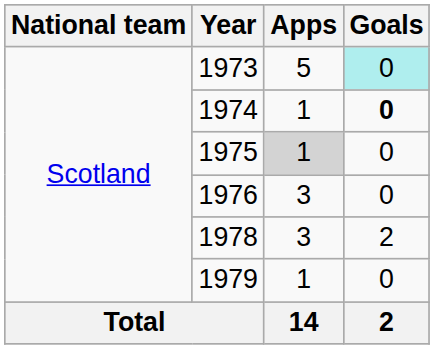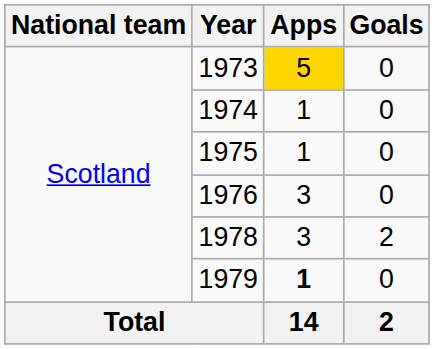 <table class=wikitable style="text-align:center">
 <tr>
 <th>National team</th>
 <th>Year</th>
 <th>Apps</th>
 <th>Goals</th>
 </tr>
 <tr>
 <td rowspan=6><a href='#'>Scotland</a></td>
 <td>1973</td>
-<td>5</td>
-<td style="background: paleturquoise;">0</td>
+<td style="background: gold;">5</td>
+<td>0</td>
 </tr>
 <tr>
 <td>1974</td>
 <td>1</td>
-<td><strong>0</strong></td>
+<td>0</td>
 </tr>
 <tr>
 <td>1975</td>
-<td style="background: lightgrey;">1</td>
+<td>1</td>
 <td>0</td>
 </tr>
 <tr>
 <td>1976</td>
 <td>3</td>
 <td>0</td>
 </tr>
 <tr>
 <td>1978</td>
 <td>3</td>
 <td>2</td>
 </tr>
 <tr>
 <td>1979</td>
-<td>1</td>
+<td><strong>1</strong></td>
 <td>0</td>
 </tr>
 <tr>
 <th colspan="2">Total</th>
 <th>14</th>
 <th>2</th>
 </tr>
 </table>
